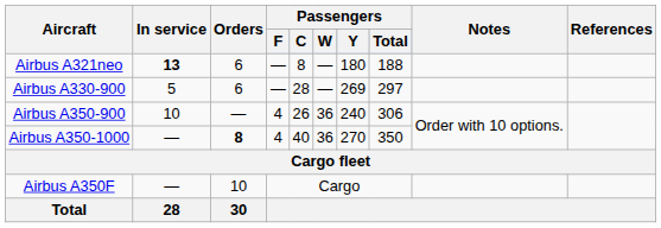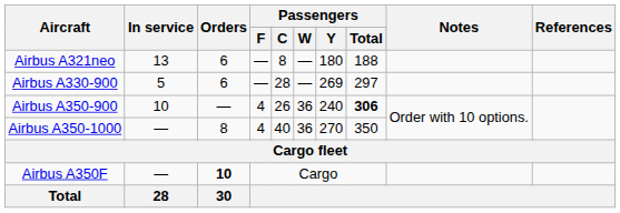 <table class="wikitable" style="text-align:center; margin:auto;">
 <tr>
 <th rowspan="2">Aircraft</th>
 <th rowspan="2">In service</th>
 <th rowspan="2">Orders</th>
 <th colspan="5">Passengers</th>
 <th rowspan="2">Notes</th>
 <th rowspan="2">References</th>
 </tr>
 <tr style="background:#87cefa;">
 <th><abbr>F</abbr></th>
 <th><abbr>C</abbr></th>
 <th><abbr>W</abbr></th>
 <th><abbr>Y</abbr></th>
 <th>Total</th>
 </tr>
 <tr>
 <td><a href='#'>Airbus A321neo</a></td>
-<td><strong>13</strong></td>
+<td>13</td>
 <td>6</td>
 <td>—</td>
 <td>8</td>
 <td>—</td>
 <td>180</td>
 <td>188</td>
 <td></td>
 <td></td>
 </tr>
 <tr>
 <td><a href='#'>Airbus A330-900</a></td>
 <td>5</td>
 <td>6</td>
 <td>—</td>
 <td>28</td>
 <td>—</td>
 <td>269</td>
 <td>297</td>
 <td></td>
 <td></td>
 </tr>
 <tr>
 <td><a href='#'>Airbus A350-900</a></td>
 <td>10</td>
 <td>—</td>
 <td>4</td>
 <td>26</td>
 <td>36</td>
 <td>240</td>
-<td>306</td>
+<td><strong>306</strong></td>
 <td rowspan=2>Order with 10 options.</td>
 <td rowspan=2></td>
 </tr>
 <tr>
 <td><a href='#'>Airbus A350-1000</a></td>
 <td>—</td>
-<td><strong>8</strong></td>
+<td>8</td>
 <td>4</td>
 <td>40</td>
 <td>36</td>
 <td>270</td>
 <td>350</td>
 </tr>
 <tr>
 <th colspan="10">Cargo fleet</th>
 </tr>
 <tr>
 <td><a href='#'>Airbus A350F</a></td>
 <td>—</td>
-<td>10</td>
+<td><strong>10</strong></td>
 <td colspan="5"><abbr>Cargo</abbr></td>
 <td></td>
 <td></td>
 </tr>
 <tr>
 <th>Total</th>
 <th>28</th>
 <th>30</th>
 <th colspan="7"></th>
 </tr>
 </table>
